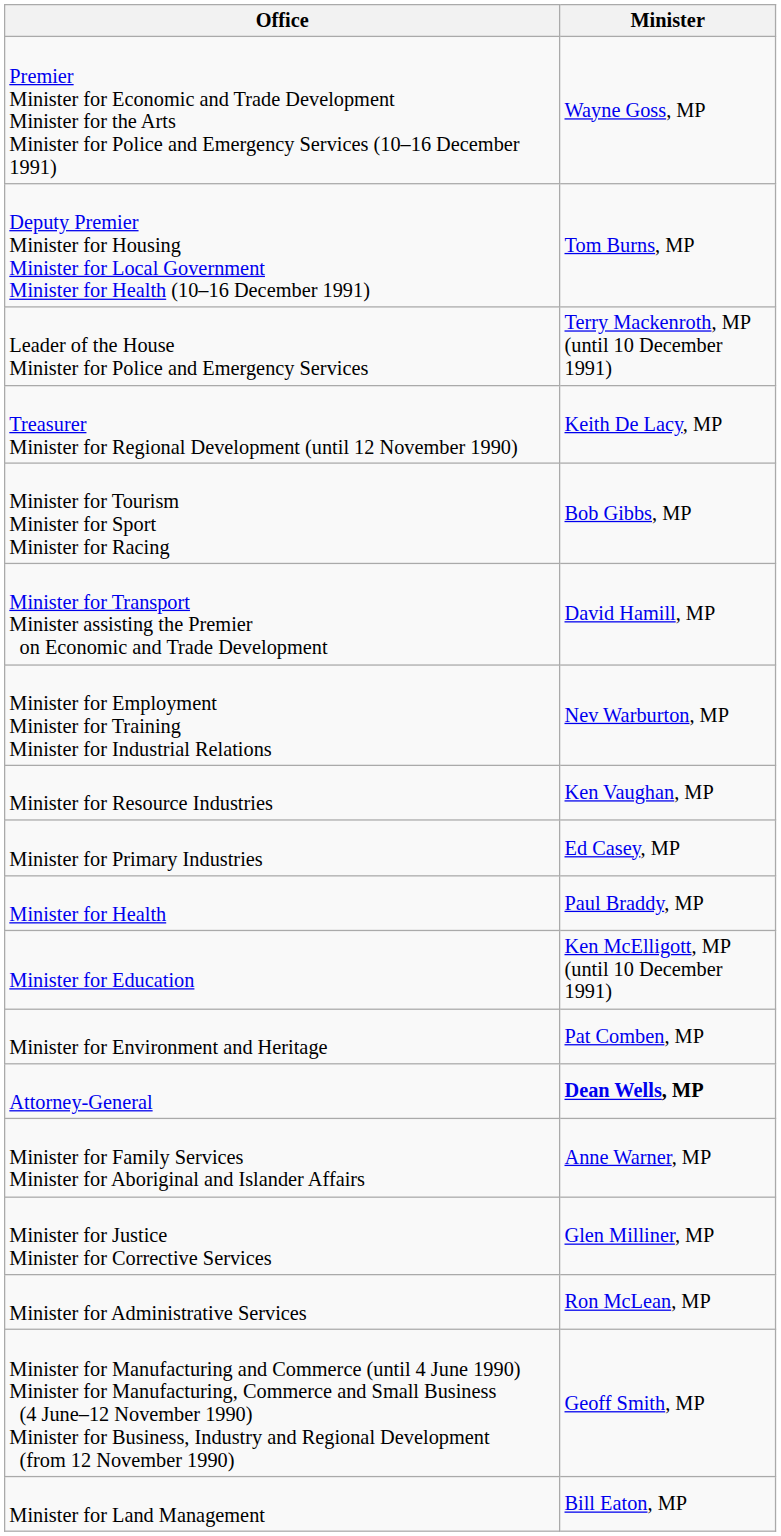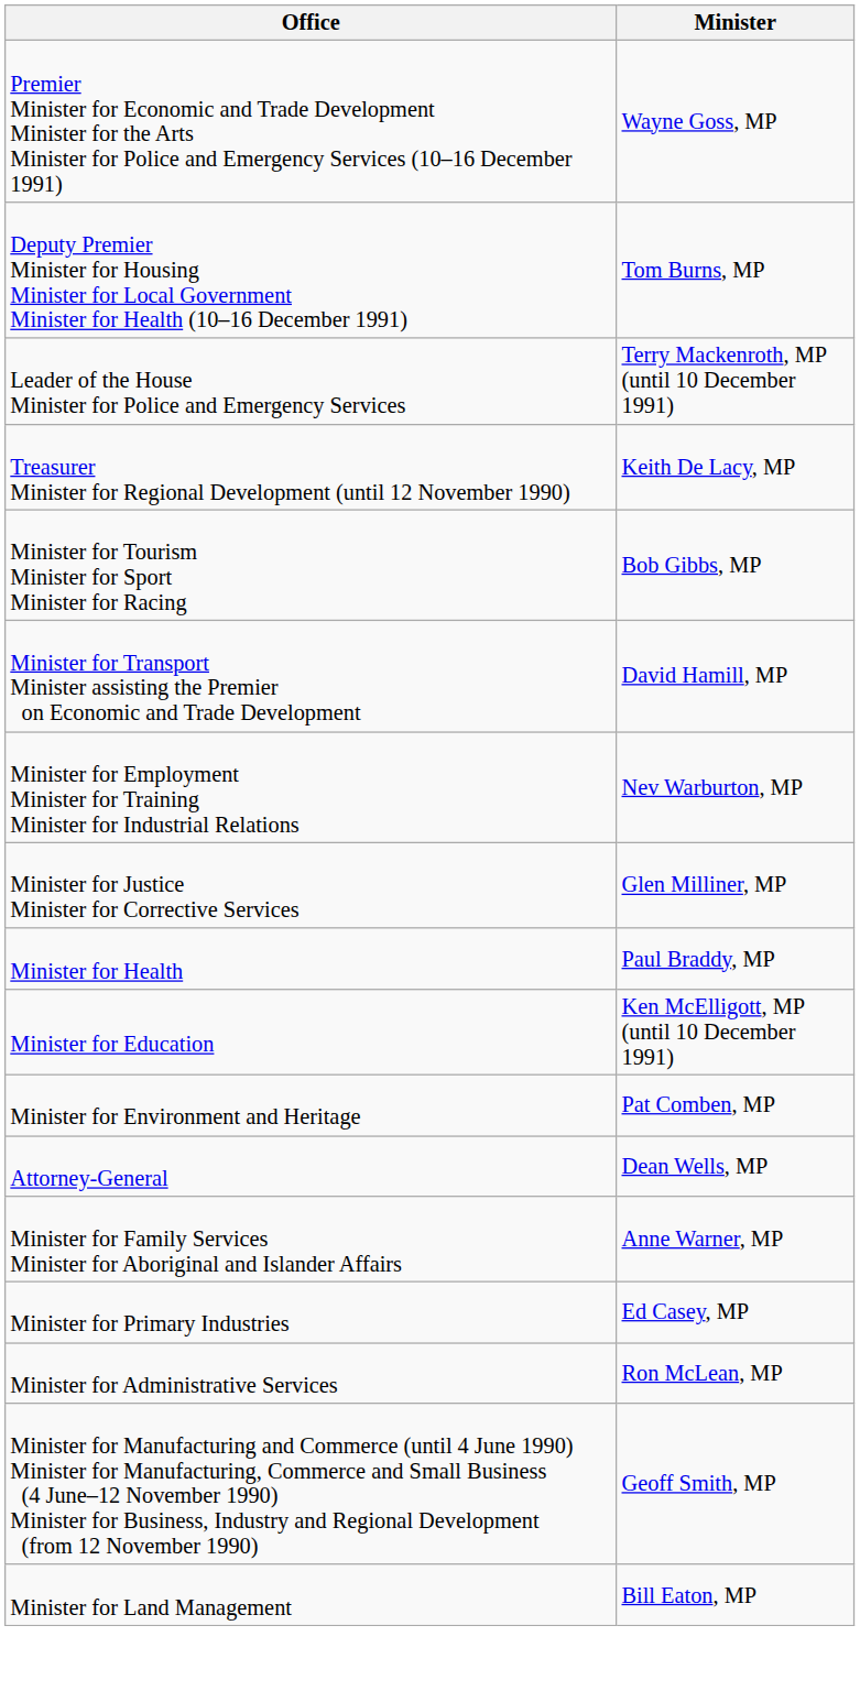 <table class="wikitable">
 <tr>
 <th>Office</th>
 <th>Minister</th>
 </tr>
 <tr>
 <td><br><a href='#'>Premier</a><br> Minister for Economic and Trade Development<br> Minister for the Arts<br> Minister for Police and Emergency Services (10–16 December 1991)<br></td>
 <td><a href='#'>Wayne Goss</a>, MP</td>
 </tr>
 <tr>
 <td><br><a href='#'>Deputy Premier</a><br> Minister for Housing<br> <a href='#'>Minister for Local Government</a> <br> <a href='#'>Minister for Health</a> (10–16 December 1991)<br></td>
 <td><a href='#'>Tom Burns</a>, MP</td>
 </tr>
 <tr>
 <td><br>Leader of the House<br> Minister for Police and Emergency Services<br></td>
 <td><a href='#'>Terry Mackenroth</a>, MP<br>(until 10 December 1991)</td>
 </tr>
 <tr>
 <td><br><a href='#'>Treasurer</a><br> Minister for Regional Development (until 12 November 1990)</td>
 <td><a href='#'>Keith De Lacy</a>, MP</td>
 </tr>
 <tr>
 <td><br>Minister for Tourism<br> Minister for Sport<br> Minister for Racing<br></td>
 <td><a href='#'>Bob Gibbs</a>, MP</td>
 </tr>
 <tr>
 <td><br><a href='#'>Minister for Transport</a><br> Minister assisting the Premier<br>  on Economic and Trade Development</td>
 <td><a href='#'>David Hamill</a>, MP</td>
 </tr>
 <tr>
 <td><br>Minister for Employment<br> Minister for Training<br> Minister for Industrial Relations<br></td>
 <td><a href='#'>Nev Warburton</a>, MP</td>
 </tr>
 <tr>
-<td><br>Minister for Resource Industries</td>
-<td><a href='#'>Ken Vaughan</a>, MP</td>
-</tr>
-<tr>
-<td><br>Minister for Primary Industries<br></td>
-<td><a href='#'>Ed Casey</a>, MP</td>
+<td><br>Minister for Justice<br> Minister for Corrective Services<br></td>
+<td><a href='#'>Glen Milliner</a>, MP</td>
 </tr>
 <tr>
 <td><br><a href='#'>Minister for Health</a></td>
 <td><a href='#'>Paul Braddy</a>, MP</td>
 </tr>
 <tr>
 <td><br><a href='#'>Minister for Education</a><br></td>
 <td><a href='#'>Ken McElligott</a>, MP<br>(until 10 December 1991)</td>
 </tr>
 <tr>
 <td><br>Minister for Environment and Heritage<br></td>
 <td><a href='#'>Pat Comben</a>, MP</td>
 </tr>
 <tr>
 <td><br><a href='#'>Attorney-General</a><br></td>
-<td><strong><a href='#'>Dean Wells</a>, MP</strong></td>
+<td><a href='#'>Dean Wells</a>, MP</td>
 </tr>
 <tr>
 <td><br>Minister for Family Services<br> Minister for Aboriginal and Islander Affairs</td>
 <td><a href='#'>Anne Warner</a>, MP</td>
 </tr>
 <tr>
-<td><br>Minister for Justice<br> Minister for Corrective Services<br></td>
-<td><a href='#'>Glen Milliner</a>, MP</td>
+<td><br>Minister for Primary Industries<br></td>
+<td><a href='#'>Ed Casey</a>, MP</td>
 </tr>
 <tr>
 <td><br>Minister for Administrative Services<br></td>
 <td><a href='#'>Ron McLean</a>, MP</td>
 </tr>
 <tr>
 <td><br>Minister for Manufacturing and Commerce (until 4 June 1990)<br> Minister for Manufacturing, Commerce and Small Business<br>  (4 June–12 November 1990)<br> Minister for Business, Industry and Regional Development<br>  (from 12 November 1990)<br></td>
 <td><a href='#'>Geoff Smith</a>, MP</td>
 </tr>
 <tr>
 <td><br>Minister for Land Management<br></td>
 <td><a href='#'>Bill Eaton</a>, MP</td>
 </tr>
 </table>
